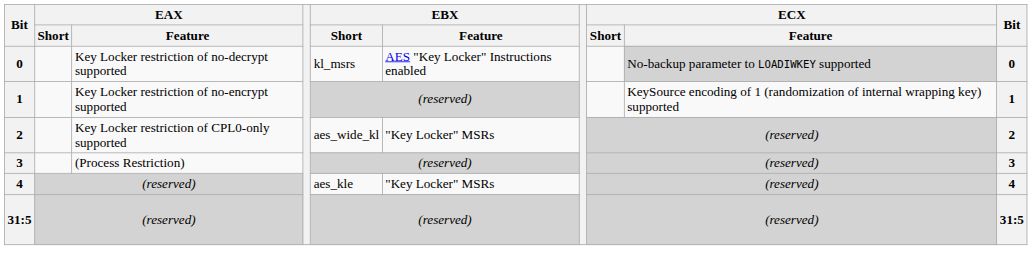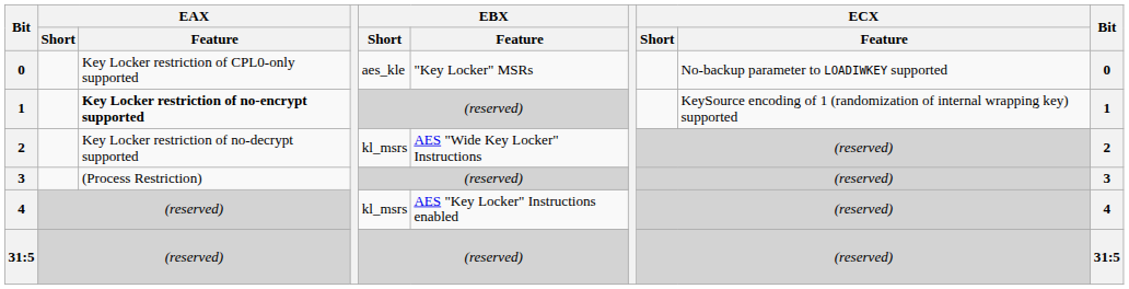 <table class="wikitable">
 <tr>
 <th rowspan=2>Bit</th>
 <th colspan=2>EAX</th>
 <th scope="col" style="width: 0.5em; border-spacing:0; padding:0px" rowspan="8"></th>
 <th colspan=2>EBX</th>
 <th scope="col" style="width: 0.5em; border-spacing:0; padding:0px" rowspan="8"></th>
 <th colspan=2>ECX</th>
 <th rowspan=2>Bit</th>
 </tr>
 <tr>
 <th>Short</th>
 <th>Feature</th>
 <th>Short</th>
 <th>Feature</th>
 <th>Short</th>
 <th>Feature</th>
 </tr>
 <tr>
 <th>0</th>
 <td></td>
-<td>Key Locker restriction of no-decrypt supported</td>
-<td>kl_msrs</td>
-<td><a href='#'>AES</a> "Key Locker" Instructions enabled</td>
+<td>Key Locker restriction of CPL0-only supported</td>
+<td>aes_kle</td>
+<td>"Key Locker" MSRs</td>
 <td></td>
-<td style="background: lightgrey;">No-backup parameter to <code>LOADIWKEY</code> supported</td>
+<td>No-backup parameter to <code>LOADIWKEY</code> supported</td>
 <th>0</th>
 </tr>
 <tr>
 <th>1</th>
 <td></td>
-<td>Key Locker restriction of no-encrypt supported</td>
+<td><strong>Key Locker restriction of no-encrypt supported</strong></td>
 <td colspan="2" style="text-align:center; background:lightgrey;"><em>(reserved)</em></td>
 <td></td>
 <td>KeySource encoding of 1 (randomization of internal wrapping key) supported</td>
 <th>1</th>
 </tr>
 <tr>
 <th>2</th>
 <td></td>
-<td>Key Locker restriction of CPL0-only supported</td>
-<td>aes_wide_kl</td>
-<td>"Key Locker" MSRs</td>
+<td>Key Locker restriction of no-decrypt supported</td>
+<td>kl_msrs</td>
+<td><a href='#'>AES</a> "Wide Key Locker" Instructions</td>
 <td colspan="2" style="text-align:center; background:lightgrey;"><em>(reserved)</em></td>
 <th>2</th>
 </tr>
 <tr>
 <th>3</th>
 <td></td>
 <td>(Process Restriction)</td>
 <td colspan="2" style="text-align:center; background:lightgrey;"><em>(reserved)</em></td>
 <td colspan="2" style="text-align:center; background:lightgrey;"><em>(reserved)</em></td>
 <th>3</th>
 </tr>
 <tr>
 <th>4</th>
 <td colspan="2" style="text-align:center; background:lightgrey;"><em>(reserved)</em></td>
-<td>aes_kle</td>
-<td>"Key Locker" MSRs</td>
+<td>kl_msrs</td>
+<td><a href='#'>AES</a> "Key Locker" Instructions enabled</td>
 <td colspan="2" style="text-align:center; background:lightgrey;"><em>(reserved)</em></td>
 <th>4</th>
 </tr>
 <tr>
 <th><br>31:5<br> </th>
 <td colspan="2" style="text-align:center; background:lightgrey;"><em>(reserved)</em></td>
 <td colspan="2" style="text-align:center; background:lightgrey;"><em>(reserved)</em></td>
 <td colspan="2" style="text-align:center; background:lightgrey;"><em>(reserved)</em></td>
 <th><br>31:5<br> </th>
 </tr>
 </table>
